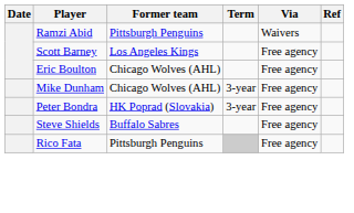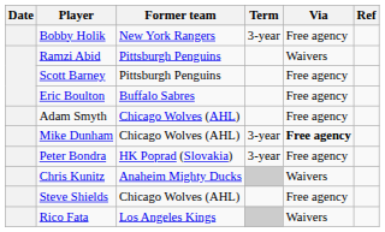 <table class="wikitable plainrowheaders">
 <tr style="background:#ddd; text-align:center;">
 <th>Date</th>
 <th>Player</th>
 <th>Former team</th>
 <th>Term</th>
 <th>Via</th>
 <th>Ref</th>
+</tr>
+<tr>
+<th scope="row"></th>
+<td><a href='#'>Bobby Holik</a></td>
+<td><a href='#'>New York Rangers</a></td>
+<td>3-year</td>
+<td>Free agency</td>
+<td></td>
 </tr>
 <tr>
 <th scope="row" rowspan=3></th>
 <td><a href='#'>Ramzi Abid</a></td>
 <td><a href='#'>Pittsburgh Penguins</a></td>
 <td></td>
 <td>Waivers</td>
 <td></td>
 </tr>
 <tr>
 <td><a href='#'>Scott Barney</a></td>
-<td><a href='#'>Los Angeles Kings</a></td>
+<td>Pittsburgh Penguins</td>
 <td></td>
 <td>Free agency</td>
 <td></td>
 </tr>
 <tr>
 <td><a href='#'>Eric Boulton</a></td>
-<td>Chicago Wolves (AHL)</td>
+<td><a href='#'>Buffalo Sabres</a></td>
+<td></td>
+<td>Free agency</td>
+<td></td>
+</tr>
+<tr>
+<th scope="row"></th>
+<td>Adam Smyth</td>
+<td><a href='#'>Chicago Wolves</a> (<a href='#'>AHL</a>)</td>
 <td></td>
 <td>Free agency</td>
 <td></td>
 </tr>
 <tr>
 <th scope="row"></th>
 <td><a href='#'>Mike Dunham</a></td>
 <td>Chicago Wolves (AHL)</td>
 <td>3-year</td>
-<td>Free agency</td>
+<td><strong>Free agency</strong></td>
 <td></td>
 </tr>
 <tr>
 <th scope="row"></th>
 <td><a href='#'>Peter Bondra</a></td>
 <td><a href='#'>HK Poprad</a> (<a href='#'>Slovakia</a>)</td>
 <td>3-year</td>
 <td>Free agency</td>
 <td></td>
 </tr>
 <tr>
 <th scope="row"></th>
+<td><a href='#'>Chris Kunitz</a></td>
+<td><a href='#'>Anaheim Mighty Ducks</a></td>
+<td style="background:#ccc"></td>
+<td>Waivers</td>
+<td></td>
+</tr>
+<tr>
+<th scope="row"></th>
 <td><a href='#'>Steve Shields</a></td>
-<td><a href='#'>Buffalo Sabres</a></td>
+<td>Chicago Wolves (AHL)</td>
 <td></td>
 <td>Free agency</td>
 <td></td>
 </tr>
 <tr>
 <th scope="row"></th>
 <td><a href='#'>Rico Fata</a></td>
-<td>Pittsburgh Penguins</td>
+<td><a href='#'>Los Angeles Kings</a></td>
 <td style="background:#ccc"></td>
-<td>Free agency</td>
+<td>Waivers</td>
 <td></td>
 </tr>
 </table>
